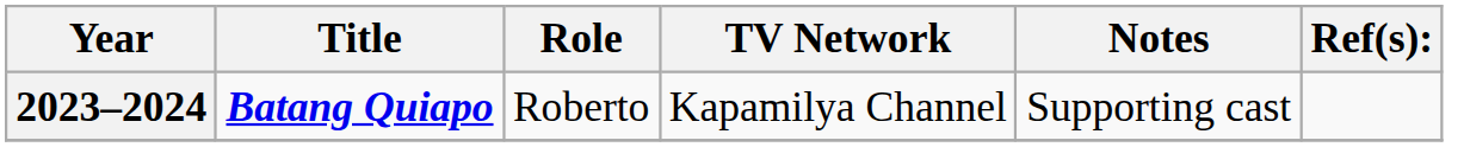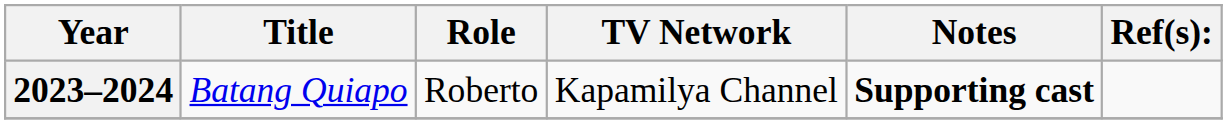 <table class= "wikitable plainrowheaders sortable">
 <tr>
 <th scope="col">Year</th>
 <th scope="col">Title</th>
 <th scope="col">Role</th>
 <th style="width:15 %">TV Network</th>
 <th>Notes</th>
 <th>Ref(s):</th>
 </tr>
 <tr>
 <th scope="row">2023–2024</th>
-<td><strong><em><a href='#'>Batang Quiapo</a></em></strong></td>
+<td><em><a href='#'>Batang Quiapo</a></em></td>
 <td>Roberto</td>
 <td>Kapamilya Channel</td>
-<td>Supporting cast</td>
+<td><strong>Supporting cast</strong></td>
 <td></td>
 </tr>
 <tr>
 </tr>
 </table>
